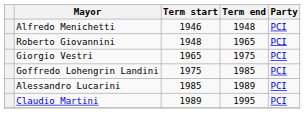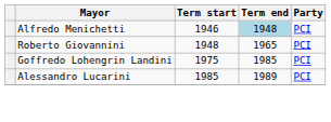 <table class="wikitable">
 <tr>
 <th class=unsortable> </th>
 <th>Mayor</th>
 <th>Term start</th>
 <th>Term end</th>
 <th>Party</th>
 </tr>
 <tr>
 <th style="background:"></th>
 <td>Alfredo Menichetti</td>
 <td align=center>1946</td>
-<td align=center>1948</td>
+<td align=center style="background: lightblue;">1948</td>
 <td><a href='#'>PCI</a></td>
 </tr>
 <tr>
 <th style="background:"></th>
 <td>Roberto Giovannini</td>
 <td align=center>1948</td>
 <td align=center>1965</td>
-<td><a href='#'>PCI</a></td>
-</tr>
-<tr>
-<th style="background:"></th>
-<td>Giorgio Vestri</td>
-<td align=center>1965</td>
-<td align=center>1975</td>
 <td><a href='#'>PCI</a></td>
 </tr>
 <tr>
 <th style="background:"></th>
 <td>Goffredo Lohengrin Landini</td>
 <td align=center>1975</td>
 <td align=center>1985</td>
 <td><a href='#'>PCI</a></td>
 </tr>
 <tr>
 <th style="background:"></th>
 <td>Alessandro Lucarini</td>
 <td align=center>1985</td>
 <td align=center>1989</td>
 <td><a href='#'>PCI</a></td>
 </tr>
 <tr>
-<th style="background:"></th>
-<td><a href='#'>Claudio Martini</a></td>
-<td align=center>1989</td>
-<td align=center>1995</td>
-<td><a href='#'>PCI</a></td>
-</tr>
-<tr>
 </tr>
 </table>
